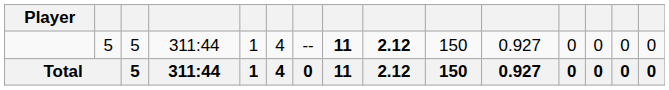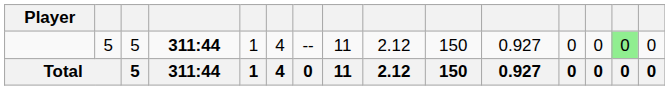 <table class="wikitable sortable" style="width:100%; text-align:center;">
 <tr>
 <th>Player</th>
 <th></th>
 <th></th>
 <th></th>
 <th></th>
 <th></th>
 <th></th>
 <th></th>
 <th></th>
 <th></th>
 <th></th>
 <th></th>
 <th></th>
 <th></th>
 <th></th>
 </tr>
 <tr>
 <td></td>
 <td>5</td>
 <td>5</td>
-<td>311:44</td>
+<td><strong>311:44</strong></td>
 <td>1</td>
 <td>4</td>
 <td>--</td>
-<td><strong>11</strong></td>
-<td><strong>2.12</strong></td>
+<td>11</td>
+<td>2.12</td>
 <td>150</td>
 <td>0.927</td>
 <td>0</td>
 <td>0</td>
-<td>0</td>
+<td style="background: lightgreen;">0</td>
 <td>0</td>
 </tr>
 <tr class="sortbottom">
 <th colspan=2>Total</th>
 <th>5</th>
 <th>311:44</th>
 <th>1</th>
 <th>4</th>
 <th>0</th>
 <th>11</th>
 <th>2.12</th>
 <th>150</th>
 <th>0.927</th>
 <th>0</th>
 <th>0</th>
 <th>0</th>
 <th>0</th>
 </tr>
 </table>
